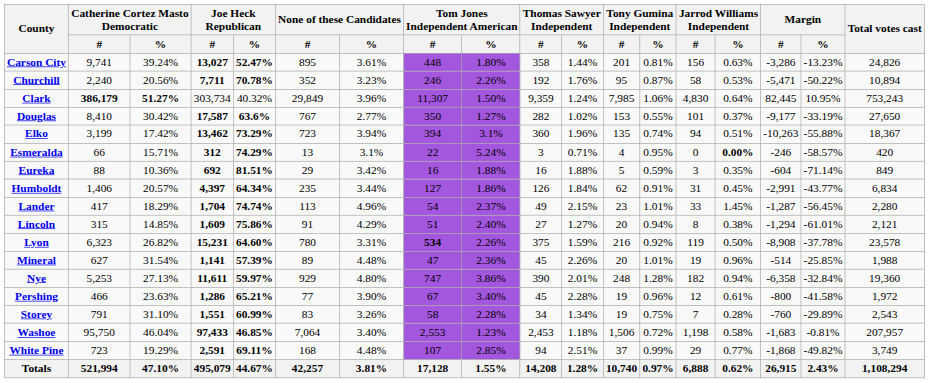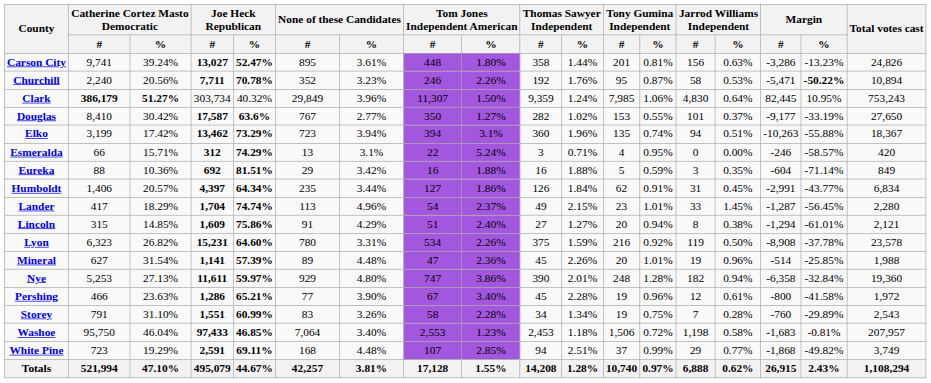 <table class="wikitable sortable" style="text-align:center">
 <tr>
 <th rowspan="2" style="text-align:center;">County</th>
 <th colspan="2" style="text-align:center;">Catherine Cortez Masto<br>Democratic</th>
 <th colspan="2" style="text-align:center;">Joe Heck<br>Republican</th>
 <th colspan="2" style="text-align:center;">None of these Candidates</th>
 <th colspan="2" style="text-align:center;">Tom Jones<br>Independent American</th>
 <th colspan="2" style="text-align:center;">Thomas Sawyer<br>Independent</th>
 <th colspan="2" style="text-align:center;">Tony Gumina<br>Independent</th>
 <th colspan="2" style="text-align:center;">Jarrod Williams<br>Independent</th>
 <th colspan="2" style="text-align:center;">Margin</th>
 <th rowspan="2" style="text-align:center;">Total votes cast</th>
 </tr>
 <tr>
 <th style="text-align:center;" data-sort-type="number">#</th>
 <th style="text-align:center;" data-sort-type="number">%</th>
 <th style="text-align:center;" data-sort-type="number">#</th>
 <th style="text-align:center;" data-sort-type="number">%</th>
 <th style="text-align:center;" data-sort-type="number">#</th>
 <th style="text-align:center;" data-sort-type="number">%</th>
 <th style="text-align:center;" data-sort-type="number">#</th>
 <th style="text-align:center;" data-sort-type="number">%</th>
 <th style="text-align:center;" data-sort-type="number">#</th>
 <th style="text-align:center;" data-sort-type="number">%</th>
 <th style="text-align:center;" data-sort-type="number">#</th>
 <th style="text-align:center;" data-sort-type="number">%</th>
 <th style="text-align:center;" data-sort-type="number">#</th>
 <th style="text-align:center;" data-sort-type="number">%</th>
 <th style="text-align:center;" data-sort-type="number">#</th>
 <th style="text-align:center;" data-sort-type="number">%</th>
 </tr>
 <tr>
 <td><strong><a href='#'>Carson City</a></strong></td>
 <td>9,741</td>
 <td>39.24%</td>
 <td><strong>13,027</strong></td>
 <td><strong>52.47%</strong></td>
 <td>895</td>
 <td>3.61%</td>
 <td style="background:#A356DE">448</td>
 <td style="background:#A356DE">1.80%</td>
 <td>358</td>
 <td>1.44%</td>
 <td>201</td>
 <td>0.81%</td>
 <td>156</td>
 <td>0.63%</td>
 <td>-3,286</td>
 <td>-13.23%</td>
 <td>24,826</td>
 </tr>
 <tr style="text-align:center;">
 <td><strong><a href='#'>Churchill</a></strong></td>
 <td>2,240</td>
 <td>20.56%</td>
 <td><strong>7,711</strong></td>
 <td><strong>70.78%</strong></td>
 <td>352</td>
 <td>3.23%</td>
 <td style="background:#A356DE">246</td>
 <td style="background:#A356DE">2.26%</td>
 <td>192</td>
 <td>1.76%</td>
 <td>95</td>
 <td>0.87%</td>
 <td>58</td>
 <td>0.53%</td>
 <td>-5,471</td>
-<td>-50.22%</td>
+<td><strong>-50.22%</strong></td>
 <td>10,894</td>
 </tr>
 <tr style="text-align:center;">
 <td><strong><a href='#'>Clark</a></strong></td>
 <td><strong>386,179</strong></td>
 <td><strong>51.27%</strong></td>
 <td>303,734</td>
 <td>40.32%</td>
 <td>29,849</td>
 <td>3.96%</td>
 <td style="background:#A356DE">11,307</td>
 <td style="background:#A356DE">1.50%</td>
 <td>9,359</td>
 <td>1.24%</td>
 <td>7,985</td>
 <td>1.06%</td>
 <td>4,830</td>
 <td>0.64%</td>
 <td>82,445</td>
 <td>10.95%</td>
 <td>753,243</td>
 </tr>
 <tr style="text-align:center;">
 <td><strong><a href='#'>Douglas</a></strong></td>
 <td>8,410</td>
 <td>30.42%</td>
 <td><strong>17,587</strong></td>
 <td><strong>63.6%</strong></td>
 <td>767</td>
 <td>2.77%</td>
 <td style="background:#A356DE">350</td>
 <td style="background:#A356DE">1.27%</td>
 <td>282</td>
 <td>1.02%</td>
 <td>153</td>
 <td>0.55%</td>
 <td>101</td>
 <td>0.37%</td>
 <td>-9,177</td>
 <td>-33.19%</td>
 <td>27,650</td>
 </tr>
 <tr style="text-align:center;">
 <td><strong><a href='#'>Elko</a></strong></td>
 <td>3,199</td>
 <td>17.42%</td>
 <td><strong>13,462</strong></td>
 <td><strong>73.29%</strong></td>
 <td>723</td>
 <td>3.94%</td>
 <td style="background:#A356DE">394</td>
 <td style="background:#A356DE">3.1%</td>
 <td>360</td>
 <td>1.96%</td>
 <td>135</td>
 <td>0.74%</td>
 <td>94</td>
 <td>0.51%</td>
 <td>-10,263</td>
 <td>-55.88%</td>
 <td>18,367</td>
 </tr>
 <tr style="text-align:center;">
 <td><strong><a href='#'>Esmeralda</a></strong></td>
 <td>66</td>
 <td>15.71%</td>
 <td><strong>312</strong></td>
 <td><strong>74.29%</strong></td>
 <td>13</td>
 <td>3.1%</td>
 <td style="background:#A356DE">22</td>
 <td style="background:#A356DE">5.24%</td>
 <td>3</td>
 <td>0.71%</td>
 <td>4</td>
 <td>0.95%</td>
 <td>0</td>
-<td><strong>0.00%</strong></td>
+<td>0.00%</td>
 <td>-246</td>
 <td>-58.57%</td>
 <td>420</td>
 </tr>
 <tr style="text-align:center;">
 <td><strong><a href='#'>Eureka</a></strong></td>
 <td>88</td>
 <td>10.36%</td>
 <td><strong>692</strong></td>
 <td><strong>81.51%</strong></td>
 <td>29</td>
 <td>3.42%</td>
 <td style="background:#A356DE">16</td>
 <td style="background:#A356DE">1.88%</td>
 <td>16</td>
 <td>1.88%</td>
 <td>5</td>
 <td>0.59%</td>
 <td>3</td>
 <td>0.35%</td>
 <td>-604</td>
 <td>-71.14%</td>
 <td>849</td>
 </tr>
 <tr style="text-align:center;">
 <td><strong><a href='#'>Humboldt</a></strong></td>
 <td>1,406</td>
 <td>20.57%</td>
 <td><strong>4,397</strong></td>
 <td><strong>64.34%</strong></td>
 <td>235</td>
 <td>3.44%</td>
 <td style="background:#A356DE">127</td>
 <td style="background:#A356DE">1.86%</td>
 <td>126</td>
 <td>1.84%</td>
 <td>62</td>
 <td>0.91%</td>
 <td>31</td>
 <td>0.45%</td>
 <td>-2,991</td>
 <td>-43.77%</td>
 <td>6,834</td>
 </tr>
 <tr style="text-align:center;">
 <td><strong><a href='#'>Lander</a></strong></td>
 <td>417</td>
 <td>18.29%</td>
 <td><strong>1,704</strong></td>
 <td><strong>74.74%</strong></td>
 <td>113</td>
 <td>4.96%</td>
 <td style="background:#A356DE">54</td>
 <td style="background:#A356DE">2.37%</td>
 <td>49</td>
 <td>2.15%</td>
 <td>23</td>
 <td>1.01%</td>
 <td>33</td>
 <td>1.45%</td>
 <td>-1,287</td>
 <td>-56.45%</td>
 <td>2,280</td>
 </tr>
 <tr style="text-align:center;">
 <td><strong><a href='#'>Lincoln</a></strong></td>
 <td>315</td>
 <td>14.85%</td>
 <td><strong>1,609</strong></td>
 <td><strong>75.86%</strong></td>
 <td>91</td>
 <td>4.29%</td>
 <td style="background:#A356DE">51</td>
 <td style="background:#A356DE">2.40%</td>
 <td>27</td>
 <td>1.27%</td>
 <td>20</td>
 <td>0.94%</td>
 <td>8</td>
 <td>0.38%</td>
 <td>-1,294</td>
 <td>-61.01%</td>
 <td>2,121</td>
 </tr>
 <tr style="text-align:center;">
 <td><strong><a href='#'>Lyon</a></strong></td>
 <td>6,323</td>
 <td>26.82%</td>
 <td><strong>15,231</strong></td>
 <td><strong>64.60%</strong></td>
 <td>780</td>
 <td>3.31%</td>
-<td style="background:#A356DE"><strong>534</strong></td>
+<td style="background:#A356DE">534</td>
 <td style="background:#A356DE">2.26%</td>
 <td>375</td>
 <td>1.59%</td>
 <td>216</td>
 <td>0.92%</td>
 <td>119</td>
 <td>0.50%</td>
 <td>-8,908</td>
 <td>-37.78%</td>
 <td>23,578</td>
 </tr>
 <tr style="text-align:center;">
 <td><strong><a href='#'>Mineral</a></strong></td>
 <td>627</td>
 <td>31.54%</td>
 <td><strong>1,141</strong></td>
 <td><strong>57.39%</strong></td>
 <td>89</td>
 <td>4.48%</td>
 <td style="background:#A356DE">47</td>
 <td style="background:#A356DE">2.36%</td>
 <td>45</td>
 <td>2.26%</td>
 <td>20</td>
 <td>1.01%</td>
 <td>19</td>
 <td>0.96%</td>
 <td>-514</td>
 <td>-25.85%</td>
 <td>1,988</td>
 </tr>
 <tr style="text-align:center;">
 <td><strong><a href='#'>Nye</a></strong></td>
 <td>5,253</td>
 <td>27.13%</td>
 <td><strong>11,611</strong></td>
 <td><strong>59.97%</strong></td>
 <td>929</td>
 <td>4.80%</td>
 <td style="background:#A356DE">747</td>
 <td style="background:#A356DE">3.86%</td>
 <td>390</td>
 <td>2.01%</td>
 <td>248</td>
 <td>1.28%</td>
 <td>182</td>
 <td>0.94%</td>
 <td>-6,358</td>
 <td>-32.84%</td>
 <td>19,360</td>
 </tr>
 <tr style="text-align:center;">
 <td><strong><a href='#'>Pershing</a></strong></td>
 <td>466</td>
 <td>23.63%</td>
 <td><strong>1,286</strong></td>
 <td><strong>65.21%</strong></td>
 <td>77</td>
 <td>3.90%</td>
 <td style="background:#A356DE">67</td>
 <td style="background:#A356DE">3.40%</td>
 <td>45</td>
 <td>2.28%</td>
 <td>19</td>
 <td>0.96%</td>
 <td>12</td>
 <td>0.61%</td>
 <td>-800</td>
 <td>-41.58%</td>
 <td>1,972</td>
 </tr>
 <tr style="text-align:center;">
 <td><strong><a href='#'>Storey</a></strong></td>
 <td>791</td>
 <td>31.10%</td>
 <td><strong>1,551</strong></td>
 <td><strong>60.99%</strong></td>
 <td>83</td>
 <td>3.26%</td>
 <td style="background:#A356DE">58</td>
 <td style="background:#A356DE">2.28%</td>
 <td>34</td>
 <td>1.34%</td>
 <td>19</td>
 <td>0.75%</td>
 <td>7</td>
 <td>0.28%</td>
 <td>-760</td>
 <td>-29.89%</td>
 <td>2,543</td>
 </tr>
 <tr style="text-align:center;">
 <td><strong><a href='#'>Washoe</a></strong></td>
 <td>95,750</td>
 <td>46.04%</td>
 <td><strong>97,433</strong></td>
 <td><strong>46.85%</strong></td>
 <td>7,064</td>
 <td>3.40%</td>
 <td style="background:#A356DE">2,553</td>
 <td style="background:#A356DE">1.23%</td>
 <td>2,453</td>
 <td>1.18%</td>
 <td>1,506</td>
 <td>0.72%</td>
 <td>1,198</td>
 <td>0.58%</td>
 <td>-1,683</td>
 <td>-0.81%</td>
 <td>207,957</td>
 </tr>
 <tr style="text-align:center;">
 <td><strong><a href='#'>White Pine</a></strong></td>
 <td>723</td>
 <td>19.29%</td>
 <td><strong>2,591</strong></td>
 <td><strong>69.11%</strong></td>
 <td>168</td>
 <td>4.48%</td>
 <td style="background:#A356DE">107</td>
 <td style="background:#A356DE">2.85%</td>
 <td>94</td>
 <td>2.51%</td>
 <td>37</td>
 <td>0.99%</td>
 <td>29</td>
 <td>0.77%</td>
 <td>-1,868</td>
 <td>-49.82%</td>
 <td>3,749</td>
 </tr>
 <tr style="text-align:center;">
 <th>Totals</th>
 <th>521,994</th>
 <th>47.10%</th>
 <th>495,079</th>
 <th>44.67%</th>
 <th>42,257</th>
 <th>3.81%</th>
 <th>17,128</th>
 <th>1.55%</th>
 <th>14,208</th>
 <th>1.28%</th>
 <th>10,740</th>
 <th>0.97%</th>
 <th>6,888</th>
 <th>0.62%</th>
 <th>26,915</th>
 <th>2.43%</th>
 <th>1,108,294</th>
 </tr>
 </table>
